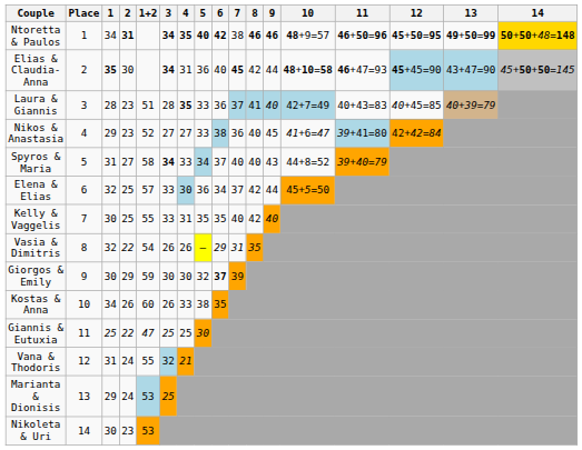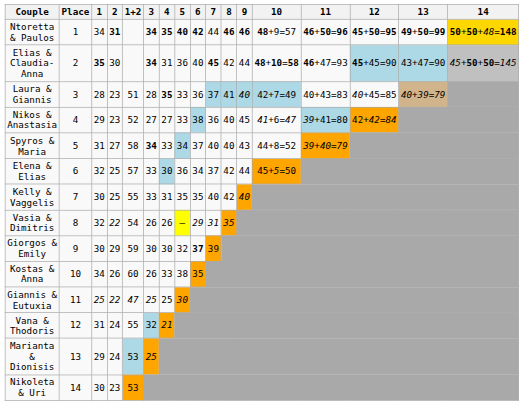 <table class="wikitable sortable"  style="margin:auto; text-align:center; white:nowrap; width:80%;">
 <tr>
 <th>Couple</th>
 <th>Place</th>
 <th>1</th>
 <th>2</th>
 <th>1+2</th>
 <th>3</th>
 <th>4</th>
 <th>5</th>
 <th>6</th>
 <th>7</th>
 <th>8</th>
 <th>9</th>
 <th>10</th>
 <th>11</th>
 <th>12</th>
 <th>13</th>
 <th>14</th>
 </tr>
 <tr>
 <td style="text-align:center;">Ntoretta & Paulos</td>
 <td>1</td>
 <td>34</td>
 <td><strong><span>31</span></strong></td>
 <td></td>
 <td><strong><span>34</span></strong></td>
 <td><strong><span>35</span></strong></td>
 <td><strong><span>40</span></strong></td>
 <td><strong><span>42</span></strong></td>
-<td>38</td>
+<td>44</td>
 <td><strong><span>46</span></strong></td>
 <td><strong><span>46</span></strong></td>
 <td><strong><span>48</span></strong>+9=57</td>
 <td><strong><span>46</span></strong>+<strong><span>50</span></strong>=<strong><span>96</span></strong></td>
 <td><strong><span>45</span></strong>+<strong><span>50</span></strong>=<strong><span>95</span></strong></td>
 <td><strong><span>49</span></strong>+<strong><span>50</span></strong>=<strong><span>99</span></strong></td>
 <td bgcolor="gold"><strong><span>50</span></strong>+<strong>50</strong>+<span><em>48</em></span>=<strong><span>148</span></strong></td>
 </tr>
 <tr>
 <td style="text-align:center;">Elias & Claudia-Anna</td>
 <td>2</td>
 <td><strong><span>35</span></strong></td>
 <td>30</td>
 <td></td>
 <td><strong><span>34</span></strong></td>
 <td>31</td>
 <td>36</td>
 <td>40</td>
 <td><strong><span>45</span></strong></td>
 <td>42</td>
 <td>44</td>
 <td><strong><span>48</span></strong>+<strong><span>10</span></strong>=<strong><span>58</span></strong></td>
 <td><strong><span>46</span></strong>+47=93</td>
 <td bgcolor="lightblue"><strong><span>45</span></strong>+45=90</td>
 <td bgcolor="lightblue">43+47=90</td>
 <td bgcolor="silver"><span><em>45</em></span>+<strong>50</strong>+<strong><span>50</span></strong>=<span><em>145</em></span></td>
 </tr>
 <tr>
 <td style="text-align:center;">Laura & Giannis</td>
 <td>3</td>
 <td>28</td>
 <td>23</td>
 <td>51</td>
 <td>28</td>
 <td><strong><span>35</span></strong></td>
 <td>33</td>
 <td>36</td>
 <td bgcolor="lightblue">37</td>
 <td bgcolor="lightblue">41</td>
 <td bgcolor="lightblue"><span><em>40</em></span></td>
 <td bgcolor="lightblue">42+7=49</td>
 <td>40+43=83</td>
 <td><span><em>40</em></span>+45=85</td>
 <td bgcolor="tan"><span><em>40</em></span>+<span><em>39</em></span>=<span><em>79</em></span></td>
 <td style="background:darkgray;" colspan="1"></td>
 </tr>
 <tr>
 <td style="text-align:center;">Nikos & Anastasia</td>
 <td>4</td>
 <td>29</td>
 <td>23</td>
 <td>52</td>
 <td>27</td>
 <td>27</td>
 <td>33</td>
 <td bgcolor="lightblue">38</td>
 <td>36</td>
 <td>40</td>
 <td>45</td>
 <td><span><em>41</em></span>+6=<span><em>47</em></span></td>
 <td bgcolor="lightblue"><span><em>39</em></span>+41=80</td>
 <td bgcolor="orange">42+<span><em>42</em></span>=<span><em>84</em></span></td>
 <td style="background:darkgray;" colspan="2"></td>
 </tr>
 <tr>
 <td style="text-align:center;">Spyros & Maria</td>
 <td>5</td>
 <td>31</td>
 <td>27</td>
 <td>58</td>
 <td><strong><span>34</span></strong></td>
 <td>33</td>
 <td bgcolor="lightblue">34</td>
 <td>37</td>
 <td>40</td>
 <td>40</td>
 <td>43</td>
 <td>44+8=52</td>
 <td bgcolor="orange"><span><em>39</em></span>+<span><em>40</em></span>=<span><em>79</em></span></td>
 <td style="background:darkgray;" colspan="3"></td>
 </tr>
 <tr>
 <td style="text-align:center;">Elena & Elias</td>
 <td>6</td>
 <td>32</td>
 <td>25</td>
 <td>57</td>
 <td>33</td>
 <td bgcolor="lightblue">30</td>
 <td>36</td>
 <td>34</td>
 <td>37</td>
 <td>42</td>
 <td>44</td>
 <td bgcolor="orange">45+<span><em>5</em></span>=50</td>
 <td style="background:darkgray;" colspan="4"></td>
 </tr>
 <tr>
 <td style="text-align:center;">Kelly & Vaggelis</td>
 <td>7</td>
 <td>30</td>
 <td>25</td>
 <td>55</td>
 <td>33</td>
 <td>31</td>
 <td>35</td>
 <td>35</td>
 <td>40</td>
 <td>42</td>
 <td bgcolor="orange"><span><em>40</em></span></td>
 <td style="background:darkgray;" colspan="5"></td>
 </tr>
 <tr>
 <td style="text-align:center;">Vasia & Dimitris</td>
 <td>8</td>
 <td>32</td>
 <td><span><em>22</em></span></td>
 <td>54</td>
 <td>26</td>
 <td>26</td>
 <td bgcolor="yellow">–</td>
 <td><span><em>29</em></span></td>
 <td><span><em>31</em></span></td>
 <td bgcolor="orange"><span><em>35</em></span></td>
 <td style="background:darkgray;" colspan="6"></td>
 </tr>
 <tr>
 <td style="text-align:center;">Giorgos & Emily</td>
 <td>9</td>
 <td>30</td>
 <td>29</td>
 <td>59</td>
 <td>30</td>
 <td>30</td>
 <td>32</td>
 <td><strong>37</strong></td>
 <td bgcolor="orange">39</td>
 <td style="background:darkgray;" colspan="7"></td>
 </tr>
 <tr>
 <td style="text-align:center;">Kostas & Anna</td>
 <td>10</td>
 <td>34</td>
 <td>26</td>
 <td>60</td>
 <td>26</td>
 <td>33</td>
 <td>38</td>
 <td bgcolor="orange">35</td>
 <td style="background:darkgray;" colspan="8"></td>
 </tr>
 <tr>
 <td style="text-align:center;">Giannis & Eutuxia</td>
 <td>11</td>
 <td><span><em>25</em></span></td>
 <td><span><em>22</em></span></td>
 <td><span><em>47</em></span></td>
 <td><span><em>25</em></span></td>
 <td>25</td>
 <td bgcolor="orange"><span><em>30</em></span></td>
 <td style="background:darkgray;" colspan="9"></td>
 </tr>
 <tr>
 <td style="text-align:center;">Vana & Thodoris</td>
 <td>12</td>
 <td>31</td>
 <td>24</td>
 <td>55</td>
 <td bgcolor="lightblue">32</td>
 <td bgcolor="orange"><span><em>21</em></span></td>
 <td style="background:darkgray;" colspan="10"></td>
 </tr>
 <tr>
 <td style="text-align:center;">Marianta & Dionisis</td>
 <td>13</td>
 <td>29</td>
 <td>24</td>
 <td bgcolor="lightblue">53</td>
 <td bgcolor="orange"><span><em>25</em></span></td>
 <td style="background:darkgray;" colspan="11"></td>
 </tr>
 <tr>
 <td style="text-align:center;">Nikoleta & Uri</td>
 <td>14</td>
 <td>30</td>
 <td>23</td>
 <td bgcolor="orange">53</td>
 <td style="background:darkgray;" colspan="12"></td>
 </tr>
 </table>
